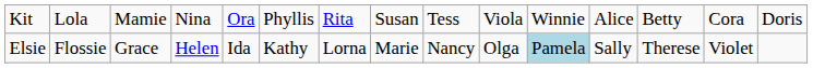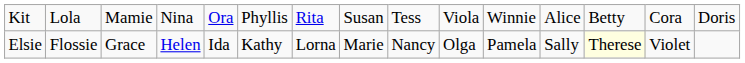 <table class="wikitable">
 <tr>
 <td>Kit</td>
 <td>Lola</td>
 <td>Mamie</td>
 <td>Nina</td>
 <td><a href='#'>Ora</a></td>
 <td>Phyllis</td>
 <td><a href='#'>Rita</a></td>
 <td>Susan</td>
 <td>Tess</td>
 <td>Viola</td>
 <td>Winnie</td>
 <td>Alice</td>
 <td>Betty</td>
 <td>Cora</td>
 <td>Doris</td>
 </tr>
 <tr>
 <td>Elsie</td>
 <td>Flossie</td>
 <td>Grace</td>
 <td><a href='#'>Helen</a></td>
 <td>Ida</td>
 <td>Kathy</td>
 <td>Lorna</td>
 <td>Marie</td>
 <td>Nancy</td>
 <td>Olga</td>
-<td style="background: lightblue;">Pamela</td>
+<td>Pamela</td>
 <td>Sally</td>
-<td>Therese</td>
+<td style="background: lightyellow;">Therese</td>
 <td>Violet</td>
 </tr>
 </table>
